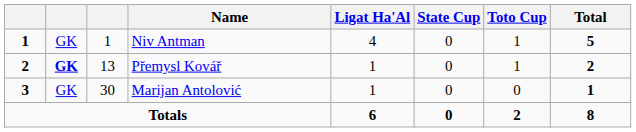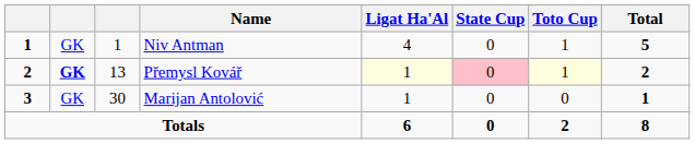 <table class="wikitable sortable" style="font-size: 95%; text-align: center;">
 <tr>
 <th width=35></th>
 <th width=35></th>
 <th width=35></th>
 <th width=200><strong>Name</strong></th>
 <th><a href='#'>Ligat Ha'Al</a></th>
 <th><a href='#'>State Cup</a></th>
 <th><a href='#'>Toto Cup</a></th>
 <th width= 75><strong>Total</strong></th>
 </tr>
 <tr>
 <td><strong>1</strong></td>
 <td><a href='#'>GK</a></td>
 <td>1</td>
 <td align=left> <a href='#'>Niv Antman</a></td>
 <td>4</td>
 <td>0</td>
 <td>1</td>
 <td><strong>5</strong></td>
 </tr>
 <tr>
 <td><strong>2</strong></td>
 <td><strong><a href='#'>GK</a></strong></td>
 <td>13</td>
 <td align=left> <a href='#'>Přemysl Kovář</a></td>
-<td>1</td>
-<td>0</td>
-<td>1</td>
+<td style="background: lightyellow;">1</td>
+<td style="background: pink;">0</td>
+<td style="background: lightyellow;">1</td>
 <td><strong>2</strong></td>
 </tr>
 <tr>
 <td><strong>3</strong></td>
 <td><a href='#'>GK</a></td>
 <td>30</td>
 <td align=left> <a href='#'>Marijan Antolović</a></td>
 <td>1</td>
 <td>0</td>
 <td>0</td>
 <td><strong>1</strong></td>
 </tr>
 <tr>
 <td colspan=4><strong>Totals</strong></td>
 <td><strong>6</strong></td>
 <td><strong>0</strong></td>
 <td><strong>2</strong></td>
 <td><strong>8</strong></td>
 </tr>
 </table>
